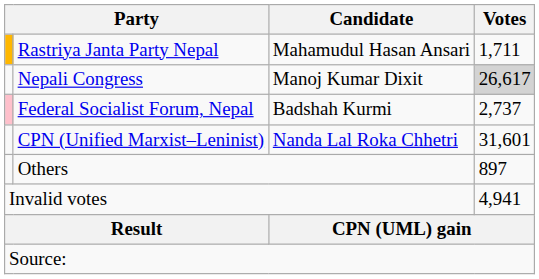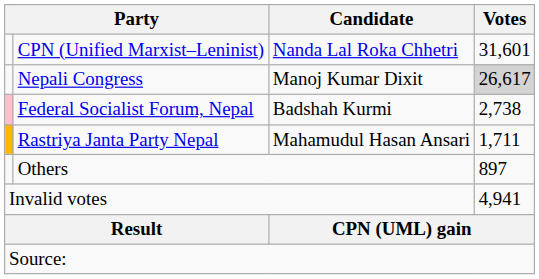 <table class="wikitable">
 <tr>
 <th colspan="2">Party</th>
 <th>Candidate</th>
 <th>Votes</th>
 </tr>
 <tr>
-<td style="background-color:#ffb700"></td>
-<td><a href='#'>Rastriya Janta Party Nepal</a></td>
-<td>Mahamudul Hasan Ansari</td>
-<td>1,711</td>
+<td style="background-color:"></td>
+<td><a href='#'>CPN (Unified Marxist–Leninist)</a></td>
+<td><a href='#'>Nanda Lal Roka Chhetri</a></td>
+<td>31,601</td>
 </tr>
 <tr>
 <td style="background-color:"></td>
 <td><a href='#'>Nepali Congress</a></td>
 <td>Manoj Kumar Dixit</td>
 <td style="background: lightgrey;">26,617</td>
 </tr>
 <tr>
 <td style="background-color:pink"></td>
 <td><a href='#'>Federal Socialist Forum, Nepal</a></td>
 <td>Badshah Kurmi</td>
-<td>2,737</td>
+<td>2,738</td>
 </tr>
 <tr>
-<td style="background-color:"></td>
-<td><a href='#'>CPN (Unified Marxist–Leninist)</a></td>
-<td><a href='#'>Nanda Lal Roka Chhetri</a></td>
-<td>31,601</td>
+<td style="background-color:#ffb700"></td>
+<td><a href='#'>Rastriya Janta Party Nepal</a></td>
+<td>Mahamudul Hasan Ansari</td>
+<td>1,711</td>
 </tr>
 <tr>
 <td></td>
 <td colspan="2">Others</td>
 <td>897</td>
 </tr>
 <tr>
 <td colspan="3">Invalid votes</td>
 <td>4,941</td>
 </tr>
 <tr>
 <th colspan="2">Result</th>
 <th colspan="2">CPN (UML) gain</th>
 </tr>
 <tr>
 <td colspan="4">Source: </td>
 </tr>
 </table>
